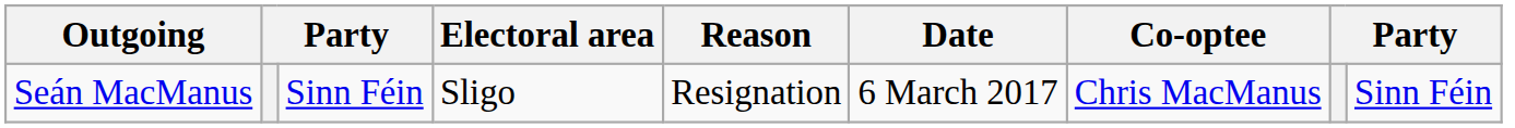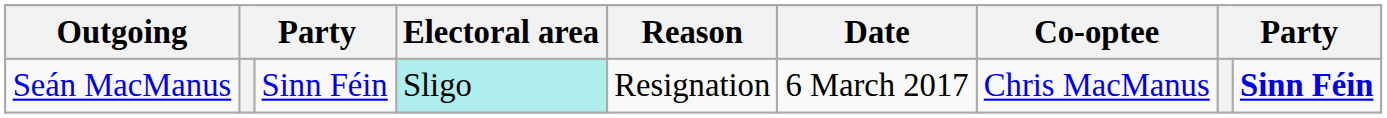 <table class="wikitable" style="font-size: 95%;">
 <tr>
 <th>Outgoing</th>
 <th colspan=2>Party</th>
 <th>Electoral area</th>
 <th>Reason</th>
 <th>Date</th>
 <th>Co-optee</th>
 <th colspan=2>Party</th>
 </tr>
 <tr>
 <td><a href='#'>Seán MacManus</a></td>
 <th style="background-color: "></th>
 <td><a href='#'>Sinn Féin</a></td>
-<td>Sligo</td>
+<td style="background: paleturquoise;">Sligo</td>
 <td>Resignation</td>
 <td>6 March 2017</td>
 <td><a href='#'>Chris MacManus</a></td>
 <th style="background-color: "></th>
-<td><a href='#'>Sinn Féin</a></td>
+<td><strong><a href='#'>Sinn Féin</a></strong></td>
 </tr>
 </table>
